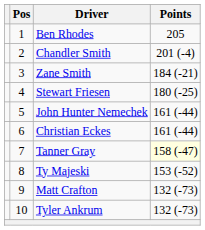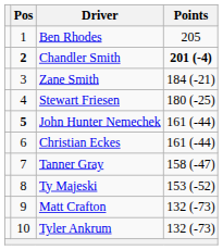 <table class="wikitable" style="font-size: 95%;">
 <tr>
 <th></th>
 <th>Pos</th>
 <th>Driver</th>
 <th>Points</th>
 </tr>
 <tr>
 <td align="left"></td>
 <td style="text-align:center;">1</td>
 <td><a href='#'>Ben Rhodes</a></td>
 <td style="text-align:center;">205</td>
 </tr>
 <tr>
 <td align="left"></td>
-<td style="text-align:center;">2</td>
+<td style="text-align:center;"><strong>2</strong></td>
 <td><a href='#'>Chandler Smith</a></td>
-<td style="text-align:center;">201 (-4)</td>
+<td style="text-align:center;"><strong>201 (-4)</strong></td>
 </tr>
 <tr>
 <td align="left"></td>
 <td style="text-align:center;">3</td>
 <td><a href='#'>Zane Smith</a></td>
 <td style="text-align:center;">184 (-21)</td>
 </tr>
 <tr>
 <td align="left"></td>
 <td style="text-align:center;">4</td>
 <td><a href='#'>Stewart Friesen</a></td>
 <td style="text-align:center;">180 (-25)</td>
 </tr>
 <tr>
 <td align="left"></td>
-<td style="text-align:center;">5</td>
+<td style="text-align:center;"><strong>5</strong></td>
 <td><a href='#'>John Hunter Nemechek</a></td>
 <td style="text-align:center;">161 (-44)</td>
 </tr>
 <tr>
 <td align="left"></td>
 <td style="text-align:center;">6</td>
 <td><a href='#'>Christian Eckes</a></td>
 <td style="text-align:center;">161 (-44)</td>
 </tr>
 <tr>
 <td align="left"></td>
 <td style="text-align:center;">7</td>
 <td><a href='#'>Tanner Gray</a></td>
-<td style="background: lightyellow; text-align:center;">158 (-47)</td>
+<td style="text-align:center;">158 (-47)</td>
 </tr>
 <tr>
 <td align="left"></td>
 <td style="text-align:center;">8</td>
 <td><a href='#'>Ty Majeski</a></td>
 <td style="text-align:center;">153 (-52)</td>
 </tr>
 <tr>
 <td align="left"></td>
 <td style="text-align:center;">9</td>
 <td><a href='#'>Matt Crafton</a></td>
 <td style="text-align:center;">132 (-73)</td>
 </tr>
 <tr>
 <td align="left"></td>
 <td style="text-align:center;">10</td>
 <td><a href='#'>Tyler Ankrum</a></td>
 <td style="text-align:center;">132 (-73)</td>
 </tr>
 <tr class="sortbottom">
 <th colspan="9"></th>
 </tr>
 </table>
